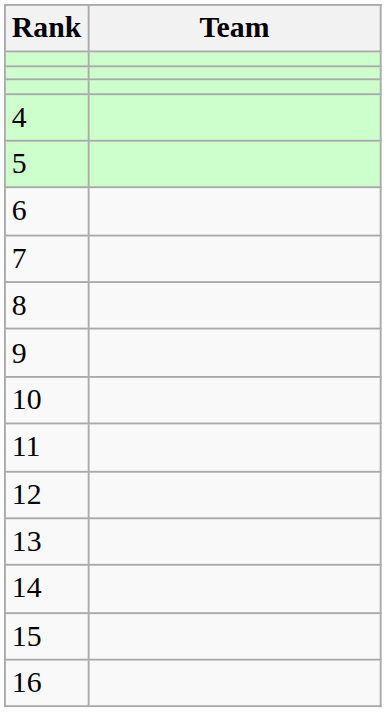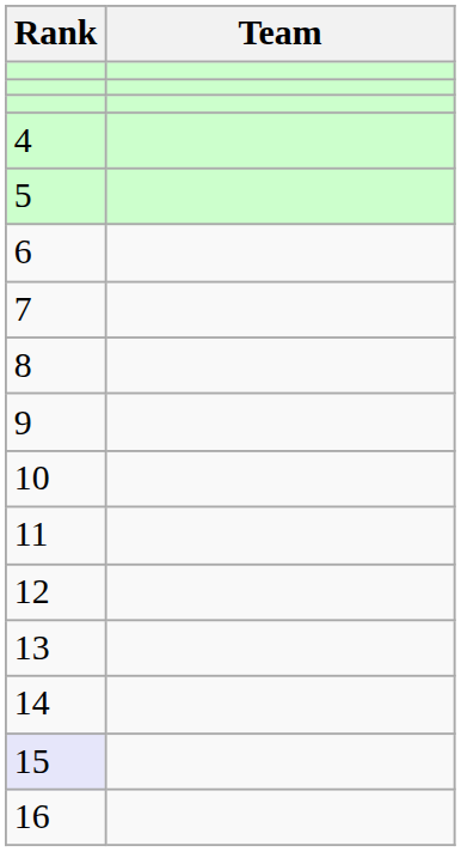 <table class="wikitable">
 <tr>
 <th width=30>Rank</th>
 <th width=150>Team</th>
 </tr>
 <tr bgcolor=#ccffcc>
 <td></td>
 <td></td>
 </tr>
 <tr bgcolor=#ccffcc>
 <td></td>
 <td></td>
 </tr>
 <tr bgcolor=#ccffcc>
 <td></td>
 <td></td>
 </tr>
 <tr bgcolor=#ccffcc>
 <td>4</td>
 <td></td>
 </tr>
 <tr bgcolor=#ccffcc>
 <td>5</td>
 <td></td>
 </tr>
 <tr>
 <td>6</td>
 <td></td>
 </tr>
 <tr>
 <td>7</td>
 <td></td>
 </tr>
 <tr>
 <td>8</td>
 <td></td>
 </tr>
 <tr>
 <td>9</td>
 <td></td>
 </tr>
 <tr>
 <td>10</td>
 <td></td>
 </tr>
 <tr>
 <td>11</td>
 <td></td>
 </tr>
 <tr>
 <td>12</td>
 <td></td>
 </tr>
 <tr>
 <td>13</td>
 <td></td>
 </tr>
 <tr>
 <td>14</td>
 <td></td>
 </tr>
 <tr>
-<td>15</td>
+<td style="background: lavender;">15</td>
 <td></td>
 </tr>
 <tr>
 <td>16</td>
 <td></td>
 </tr>
 </table>
